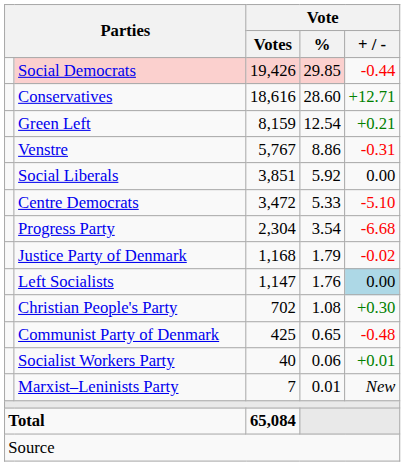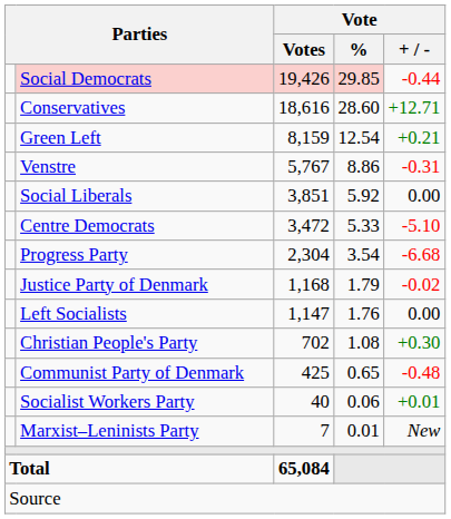 <table class="wikitable" style="text-align:right;">
 <tr>
 <th style="text-align:centre;" rowspan="2" colspan="2" width="225">Parties</th>
 <th colspan="3">Vote</th>
 </tr>
 <tr>
 <th width="15">Votes</th>
 <th width="15">%</th>
 <th width="15">+ / -</th>
 </tr>
 <tr>
 <td width="2" style="color:inherit;background:"></td>
 <td bgcolor=#fbd0ce  align="left"><a href='#'>Social Democrats</a></td>
 <td bgcolor=#fbd0ce>19,426</td>
 <td bgcolor=#fbd0ce>29.85</td>
 <td style=color:red;>-0.44</td>
 </tr>
 <tr>
 <td width="2" style="color:inherit;background:"></td>
 <td align="left"><a href='#'>Conservatives</a></td>
 <td>18,616</td>
 <td>28.60</td>
 <td style=color:green;>+12.71</td>
 </tr>
 <tr>
 <td width="2" style="color:inherit;background:"></td>
 <td align="left"><a href='#'>Green Left</a></td>
 <td>8,159</td>
 <td>12.54</td>
 <td style=color:green;>+0.21</td>
 </tr>
 <tr>
 <td width="2" style="color:inherit;background:"></td>
 <td align="left"><a href='#'>Venstre</a></td>
 <td>5,767</td>
 <td>8.86</td>
 <td style=color:red;>-0.31</td>
 </tr>
 <tr>
 <td width="2" style="color:inherit;background:"></td>
 <td align="left"><a href='#'>Social Liberals</a></td>
 <td>3,851</td>
 <td>5.92</td>
 <td>0.00</td>
 </tr>
 <tr>
 <td width="2" style="color:inherit;background:"></td>
 <td align="left"><a href='#'>Centre Democrats</a></td>
 <td>3,472</td>
 <td>5.33</td>
 <td style=color:red;>-5.10</td>
 </tr>
 <tr>
 <td width="2" style="color:inherit;background:"></td>
 <td align="left"><a href='#'>Progress Party</a></td>
 <td>2,304</td>
 <td>3.54</td>
 <td style=color:red;>-6.68</td>
 </tr>
 <tr>
 <td width="2" style="color:inherit;background:"></td>
 <td align="left"><a href='#'>Justice Party of Denmark</a></td>
 <td>1,168</td>
 <td>1.79</td>
 <td style=color:red;>-0.02</td>
 </tr>
 <tr>
 <td width="2" style="color:inherit;background:"></td>
 <td align="left"><a href='#'>Left Socialists</a></td>
 <td>1,147</td>
 <td>1.76</td>
-<td style="background: lightblue;">0.00</td>
+<td>0.00</td>
 </tr>
 <tr>
 <td width="2" style="color:inherit;background:"></td>
 <td align="left"><a href='#'>Christian People's Party</a></td>
 <td>702</td>
 <td>1.08</td>
 <td style=color:green;>+0.30</td>
 </tr>
 <tr>
 <td width="2" style="color:inherit;background:"></td>
 <td align="left"><a href='#'>Communist Party of Denmark</a></td>
 <td>425</td>
 <td>0.65</td>
 <td style=color:red;>-0.48</td>
 </tr>
 <tr>
 <td width="2" style="color:inherit;background:"></td>
 <td align="left"><a href='#'>Socialist Workers Party</a></td>
 <td>40</td>
 <td>0.06</td>
 <td style=color:green;>+0.01</td>
 </tr>
 <tr>
 <td width="2" style="color:inherit;background:"></td>
 <td align="left"><a href='#'>Marxist–Leninists Party</a></td>
 <td>7</td>
 <td>0.01</td>
 <td><em>New</em></td>
 </tr>
 <tr>
 <td colspan="7" bgcolor="#E9E9E9"></td>
 </tr>
 <tr>
 <td align="left" colspan="2"><strong>Total</strong></td>
 <td><strong>65,084</strong></td>
 <td bgcolor="#E9E9E9" colspan="2"></td>
 </tr>
 <tr>
 <td align="left" colspan="6">Source</td>
 </tr>
 </table>
